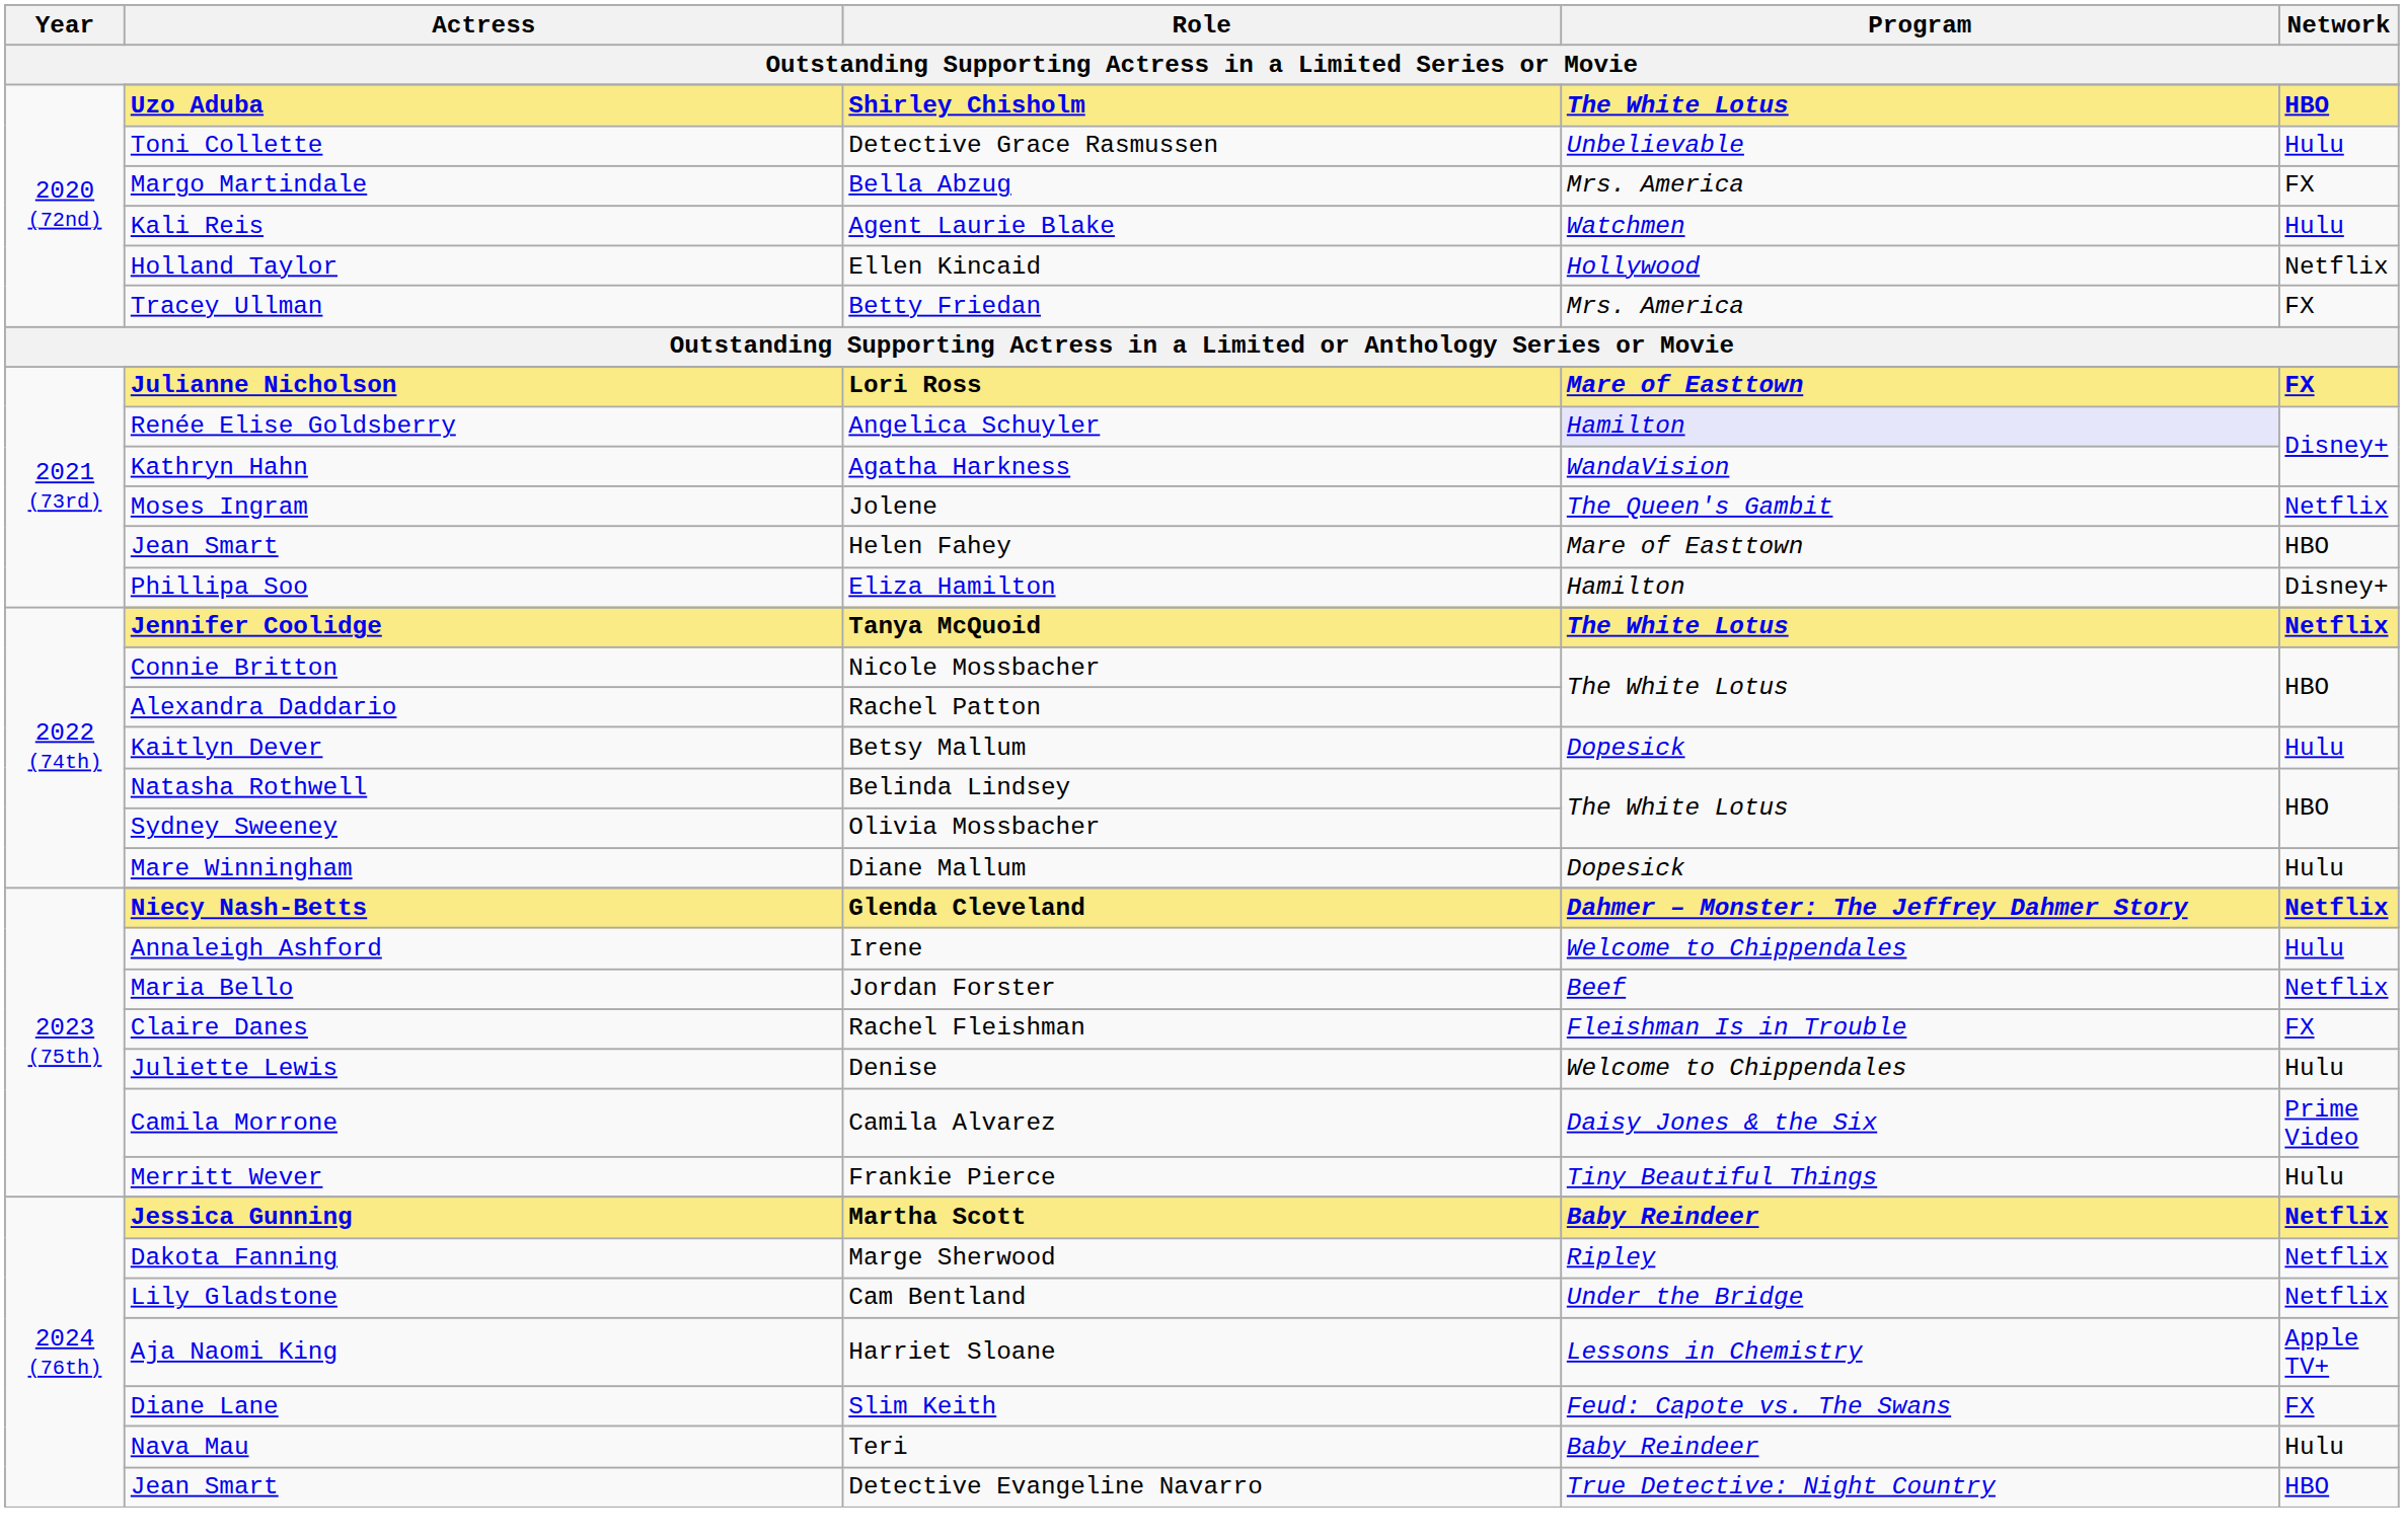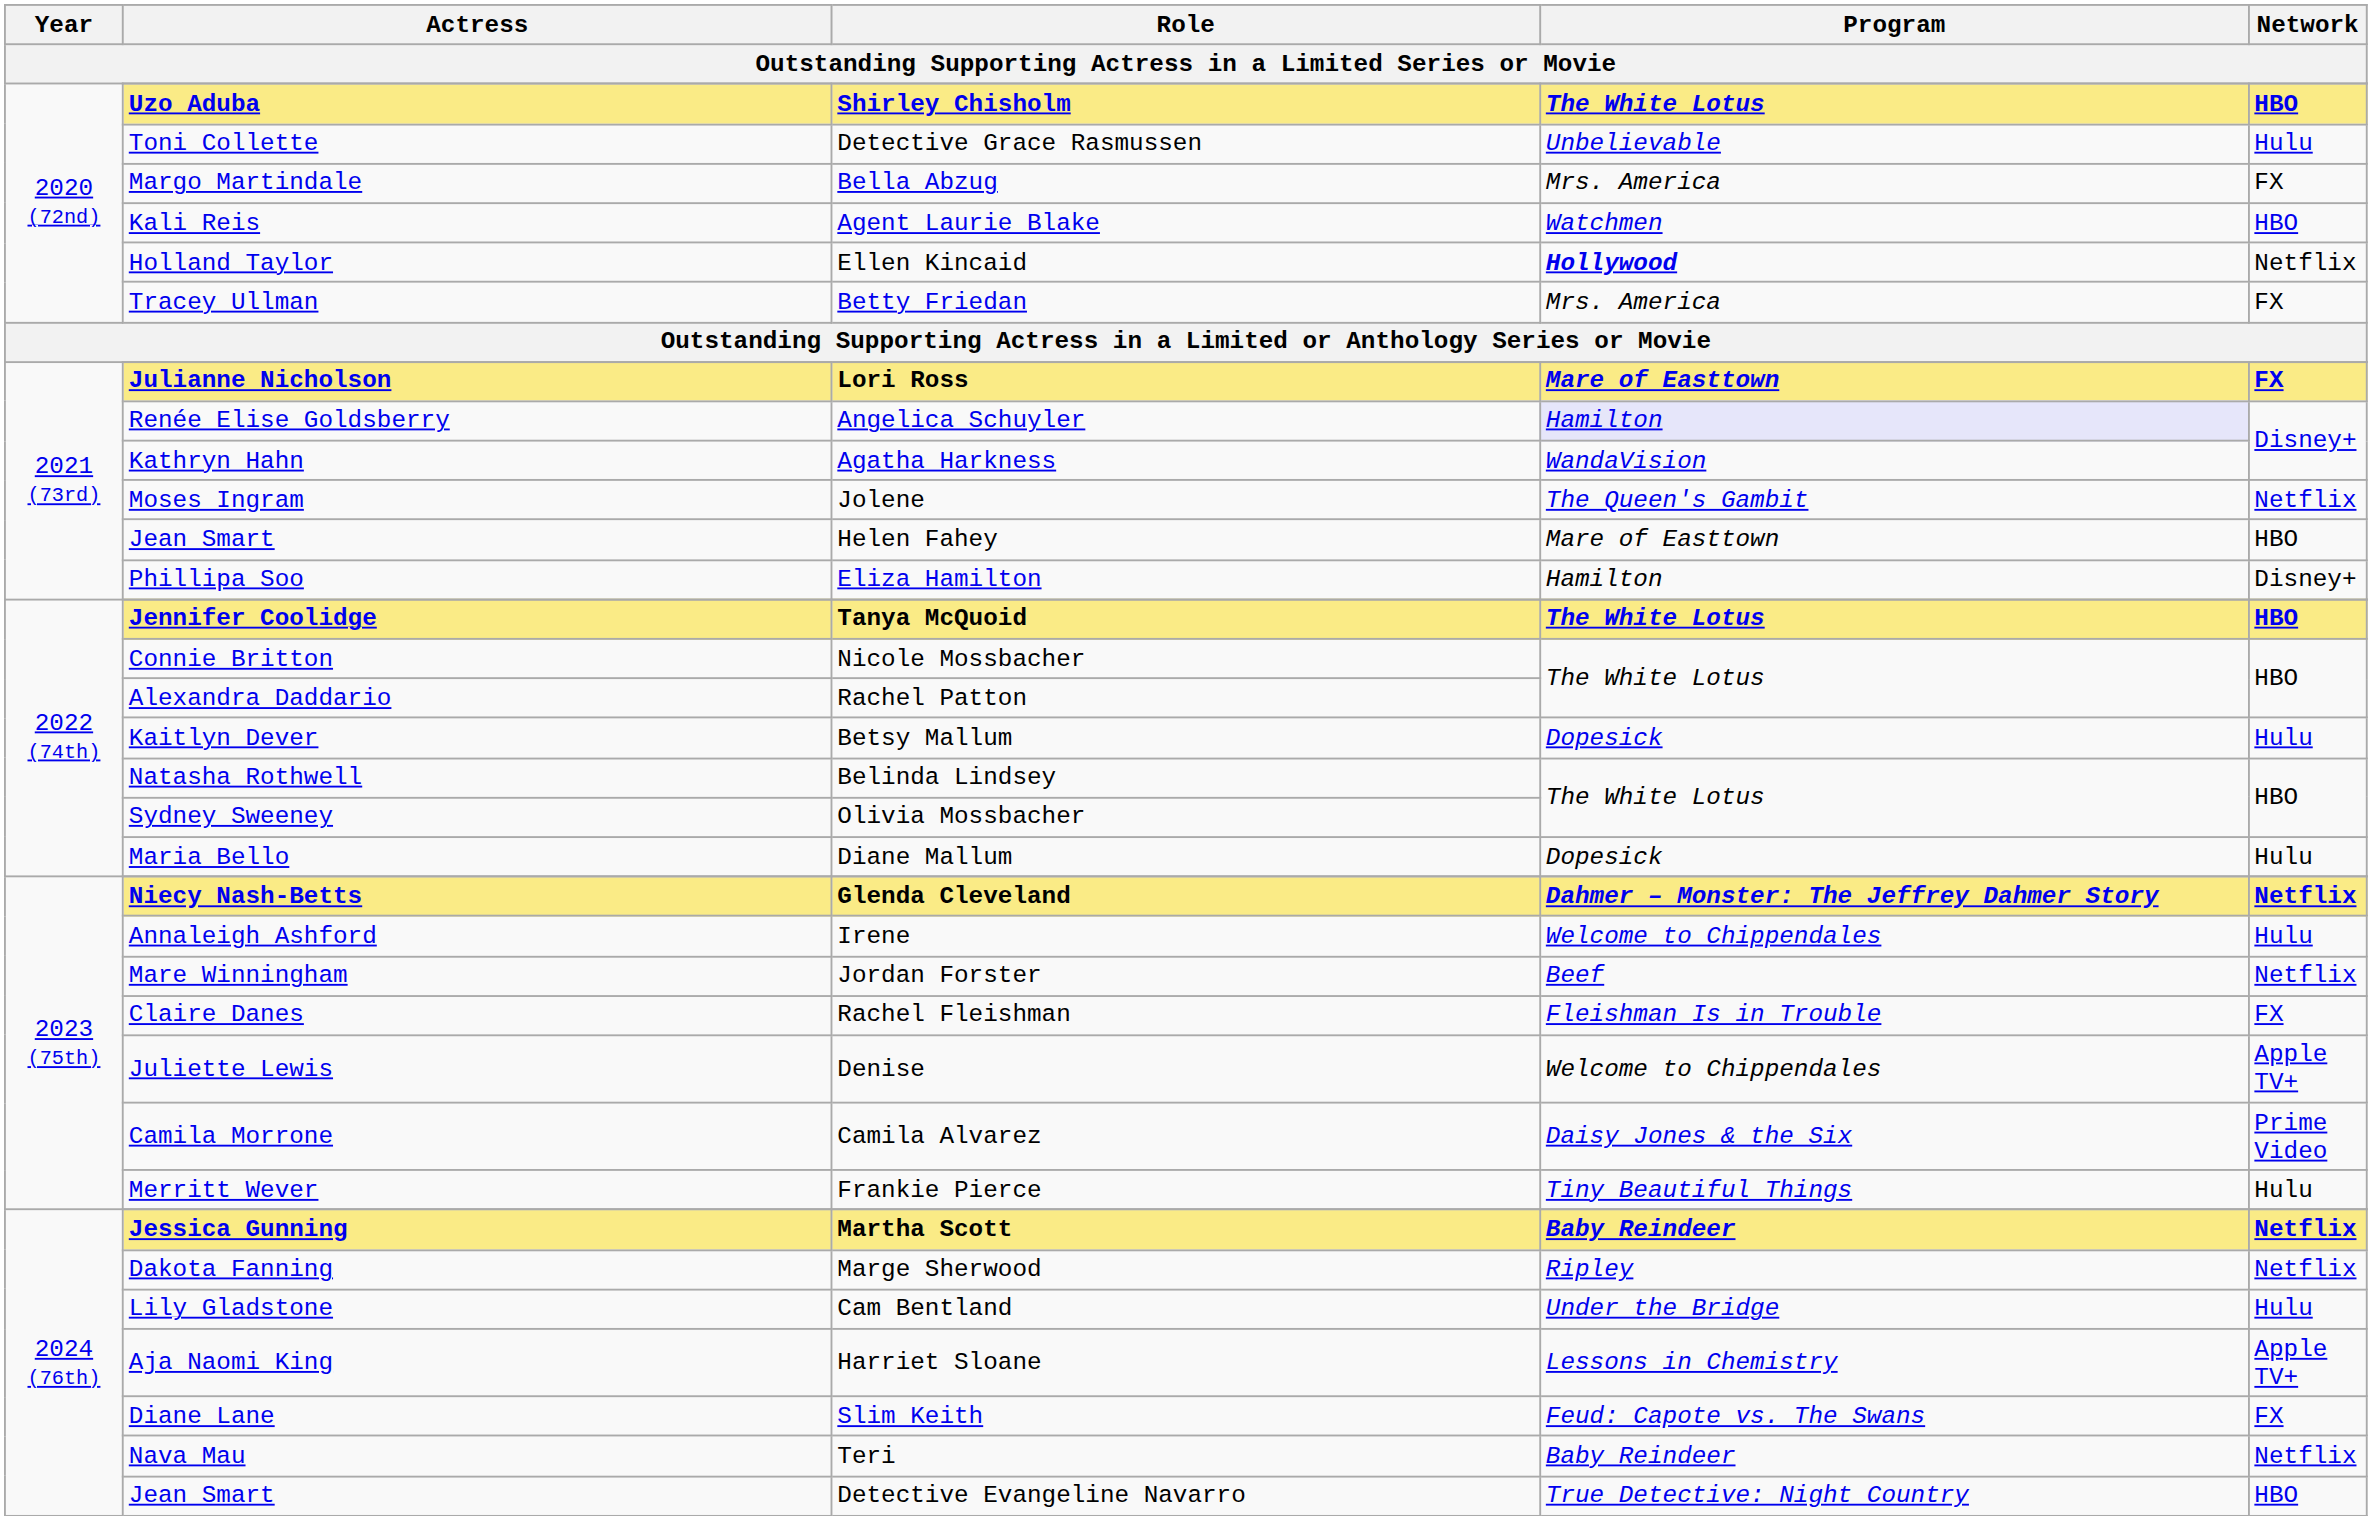 <table class="wikitable" style="width:100%">
 <tr bgcolor="#bebebe">
 <th style="width:5%;">Year</th>
 <th style="width:30%;">Actress</th>
 <th style="width:30%;">Role</th>
 <th style="width:30%;">Program</th>
 <th style="width:5%;">Network</th>
 </tr>
 <tr>
 <th colspan=5>Outstanding Supporting Actress in a Limited Series or Movie</th>
 </tr>
 <tr>
 <td rowspan=7 style="text-align:center"><a href='#'>2020</a><br><small><a href='#'>(72nd)</a></small><br></td>
 </tr>
 <tr style="background:#FAEB86;">
 <td><strong><a href='#'>Uzo Aduba</a> </strong></td>
 <td><strong><a href='#'>Shirley Chisholm</a></strong></td>
 <td><strong><em><a href='#'>The White Lotus</a></em></strong></td>
 <td><strong><a href='#'>HBO</a></strong></td>
 </tr>
 <tr>
 <td><a href='#'>Toni Collette</a></td>
 <td>Detective Grace Rasmussen</td>
 <td><em><a href='#'>Unbelievable</a></em></td>
 <td><a href='#'>Hulu</a></td>
 </tr>
 <tr>
 <td><a href='#'>Margo Martindale</a></td>
 <td><a href='#'>Bella Abzug</a></td>
 <td><em>Mrs. America</em></td>
 <td>FX</td>
 </tr>
 <tr>
 <td><a href='#'>Kali Reis</a></td>
 <td><a href='#'>Agent Laurie Blake</a></td>
 <td><em><a href='#'>Watchmen</a></em></td>
-<td><a href='#'>Hulu</a></td>
+<td><a href='#'>HBO</a></td>
 </tr>
 <tr>
 <td><a href='#'>Holland Taylor</a></td>
 <td>Ellen Kincaid</td>
-<td><em><a href='#'>Hollywood</a></em></td>
+<td><strong><em><a href='#'>Hollywood</a></em></strong></td>
 <td>Netflix</td>
 </tr>
 <tr>
 <td><a href='#'>Tracey Ullman</a></td>
 <td><a href='#'>Betty Friedan</a></td>
 <td><em>Mrs. America</em></td>
 <td>FX</td>
 </tr>
 <tr>
 <th colspan=5>Outstanding Supporting Actress in a Limited or Anthology Series or Movie</th>
 </tr>
 <tr>
 <td rowspan=7 style="text-align:center"><a href='#'>2021</a><br><small><a href='#'>(73rd)</a></small><br></td>
 </tr>
 <tr style="background:#FAEB86;">
 <td><strong><a href='#'>Julianne Nicholson</a></strong></td>
 <td><strong>Lori Ross</strong></td>
 <td><strong><em><a href='#'>Mare of Easttown</a></em></strong></td>
 <td><strong><a href='#'>FX</a></strong></td>
 </tr>
 <tr>
 <td><a href='#'>Renée Elise Goldsberry</a></td>
 <td><a href='#'>Angelica Schuyler</a></td>
 <td style="background: lavender;"><em><a href='#'>Hamilton</a></em></td>
 <td rowspan="2"><a href='#'>Disney+</a></td>
 </tr>
 <tr>
 <td><a href='#'>Kathryn Hahn</a></td>
 <td><a href='#'>Agatha Harkness</a></td>
 <td><em><a href='#'>WandaVision</a></em></td>
 </tr>
 <tr>
 <td><a href='#'>Moses Ingram</a></td>
 <td>Jolene</td>
 <td><em><a href='#'>The Queen's Gambit</a></em></td>
 <td><a href='#'>Netflix</a></td>
 </tr>
 <tr>
 <td><a href='#'>Jean Smart</a></td>
 <td>Helen Fahey</td>
 <td><em>Mare of Easttown</em></td>
 <td>HBO</td>
 </tr>
 <tr>
 <td><a href='#'>Phillipa Soo</a></td>
 <td><a href='#'>Eliza Hamilton</a></td>
 <td><em>Hamilton</em></td>
 <td>Disney+</td>
 </tr>
 <tr>
 <td rowspan=8 style="text-align:center"><a href='#'>2022</a><br><small><a href='#'>(74th)</a></small><br></td>
 </tr>
 <tr style="background:#FAEB86;">
 <td><strong><a href='#'>Jennifer Coolidge</a></strong></td>
 <td><strong>Tanya McQuoid</strong></td>
 <td><strong><em><a href='#'>The White Lotus</a></em></strong></td>
-<td><strong><a href='#'>Netflix</a></strong></td>
+<td><strong><a href='#'>HBO</a></strong></td>
 </tr>
 <tr>
 <td><a href='#'>Connie Britton</a></td>
 <td>Nicole Mossbacher</td>
 <td rowspan="2"><em>The White Lotus</em></td>
 <td rowspan="2">HBO</td>
 </tr>
 <tr>
 <td><a href='#'>Alexandra Daddario</a></td>
 <td>Rachel Patton</td>
 </tr>
 <tr>
 <td><a href='#'>Kaitlyn Dever</a></td>
 <td>Betsy Mallum</td>
 <td><em><a href='#'>Dopesick</a></em></td>
 <td><a href='#'>Hulu</a></td>
 </tr>
 <tr>
 <td><a href='#'>Natasha Rothwell</a></td>
 <td>Belinda Lindsey</td>
 <td rowspan="2"><em>The White Lotus</em></td>
 <td rowspan="2">HBO</td>
 </tr>
 <tr>
 <td><a href='#'>Sydney Sweeney</a></td>
 <td>Olivia Mossbacher</td>
 </tr>
 <tr>
-<td><a href='#'>Mare Winningham</a></td>
+<td><a href='#'>Maria Bello</a></td>
 <td>Diane Mallum</td>
 <td><em>Dopesick</em></td>
 <td>Hulu</td>
 </tr>
 <tr>
 <td rowspan=8 style="text-align:center"><a href='#'>2023</a><br><small><a href='#'>(75th)</a></small><br></td>
 </tr>
 <tr style="background:#FAEB86;">
 <td><strong><a href='#'>Niecy Nash-Betts</a></strong></td>
 <td><strong>Glenda Cleveland</strong></td>
 <td><strong><em><a href='#'>Dahmer – Monster: The Jeffrey Dahmer Story</a></em></strong></td>
 <td><strong><a href='#'>Netflix</a></strong></td>
 </tr>
 <tr>
 <td><a href='#'>Annaleigh Ashford</a></td>
 <td>Irene</td>
 <td><em><a href='#'>Welcome to Chippendales</a></em></td>
 <td><a href='#'>Hulu</a></td>
 </tr>
 <tr>
-<td><a href='#'>Maria Bello</a></td>
+<td><a href='#'>Mare Winningham</a></td>
 <td>Jordan Forster</td>
 <td><em><a href='#'>Beef</a></em></td>
 <td><a href='#'>Netflix</a></td>
 </tr>
 <tr>
 <td><a href='#'>Claire Danes</a></td>
 <td>Rachel Fleishman</td>
 <td><em><a href='#'>Fleishman Is in Trouble</a></em></td>
 <td><a href='#'>FX</a></td>
 </tr>
 <tr>
 <td><a href='#'>Juliette Lewis</a></td>
 <td>Denise</td>
 <td><em>Welcome to Chippendales</em></td>
-<td>Hulu</td>
+<td><a href='#'>Apple TV+</a></td>
 </tr>
 <tr>
 <td><a href='#'>Camila Morrone</a></td>
 <td>Camila Alvarez</td>
 <td><em><a href='#'>Daisy Jones & the Six</a></em></td>
 <td><a href='#'>Prime Video</a></td>
 </tr>
 <tr>
 <td><a href='#'>Merritt Wever</a></td>
 <td>Frankie Pierce</td>
 <td><em><a href='#'>Tiny Beautiful Things</a></em></td>
 <td>Hulu</td>
 </tr>
 <tr>
 <td rowspan=8 style="text-align:center"><a href='#'>2024</a><br><small><a href='#'>(76th)</a></small><br></td>
 </tr>
 <tr style="background:#FAEB86;">
 <td><strong><a href='#'>Jessica Gunning</a></strong></td>
 <td><strong>Martha Scott</strong></td>
 <td><strong><em><a href='#'>Baby Reindeer</a></em></strong></td>
 <td><strong><a href='#'>Netflix</a></strong></td>
 </tr>
 <tr>
 <td><a href='#'>Dakota Fanning</a></td>
 <td>Marge Sherwood</td>
 <td><em><a href='#'>Ripley</a></em></td>
 <td><a href='#'>Netflix</a></td>
 </tr>
 <tr>
 <td><a href='#'>Lily Gladstone</a></td>
 <td>Cam Bentland</td>
 <td><em><a href='#'>Under the Bridge</a></em></td>
-<td><a href='#'>Netflix</a></td>
+<td><a href='#'>Hulu</a></td>
 </tr>
 <tr>
 <td><a href='#'>Aja Naomi King</a></td>
 <td>Harriet Sloane</td>
 <td><em><a href='#'>Lessons in Chemistry</a></em></td>
 <td><a href='#'>Apple TV+</a></td>
 </tr>
 <tr>
 <td><a href='#'>Diane Lane</a></td>
 <td><a href='#'>Slim Keith</a></td>
 <td><em><a href='#'>Feud: Capote vs. The Swans</a></em></td>
 <td><a href='#'>FX</a></td>
 </tr>
 <tr>
 <td><a href='#'>Nava Mau</a></td>
 <td>Teri</td>
 <td><em><a href='#'>Baby Reindeer</a></em></td>
-<td>Hulu</td>
+<td><a href='#'>Netflix</a></td>
 </tr>
 <tr>
 <td><a href='#'>Jean Smart</a></td>
 <td>Detective Evangeline Navarro</td>
 <td><em><a href='#'>True Detective: Night Country</a></em></td>
 <td><a href='#'>HBO</a></td>
 </tr>
 </table>
